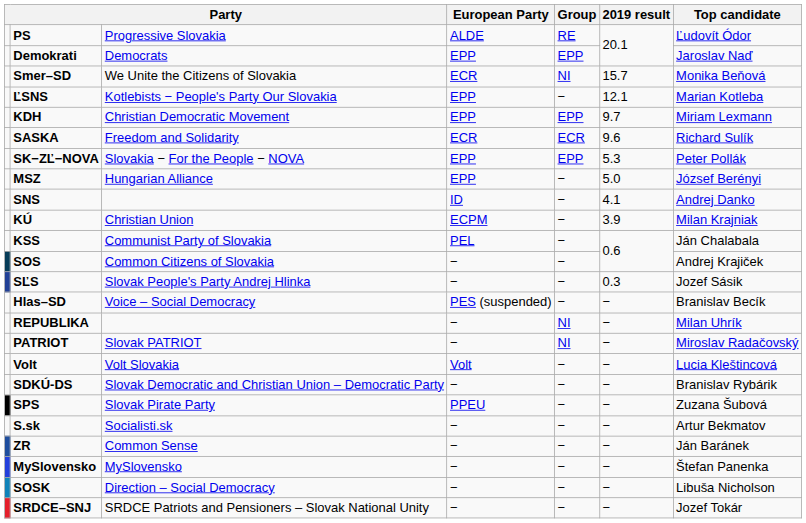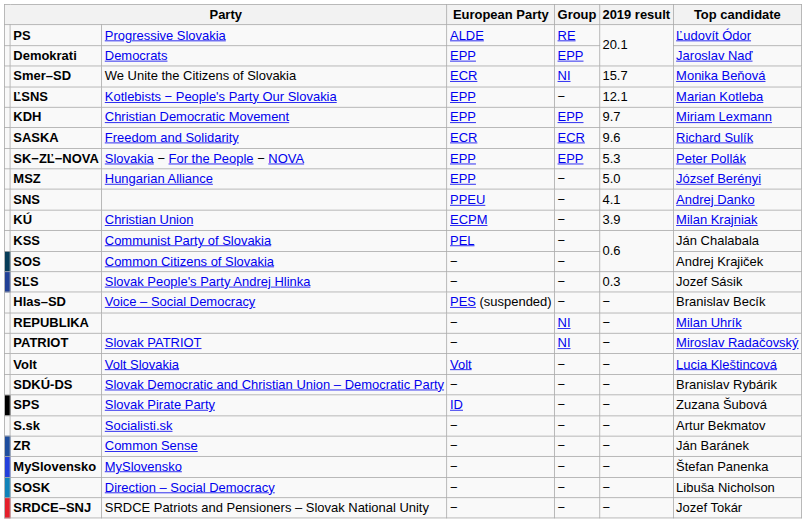 <table class="wikitable">
 <tr>
 <th colspan="3">Party</th>
 <th>European Party</th>
 <th>Group</th>
 <th>2019 result</th>
 <th>Top candidate</th>
 </tr>
 <tr>
 <td style="background:"></td>
 <td><strong>PS</strong></td>
 <td><a href='#'>Progressive Slovakia</a></td>
 <td><a href='#'>ALDE</a></td>
 <td><a href='#'>RE</a></td>
 <td rowspan="2">20.1</td>
 <td><a href='#'>Ľudovít Ódor</a></td>
 </tr>
 <tr>
 <td style="background:"></td>
 <td><strong>Demokrati</strong></td>
 <td><a href='#'>Democrats</a></td>
 <td><a href='#'>EPP</a></td>
 <td><a href='#'>EPP</a></td>
 <td><a href='#'>Jaroslav Naď</a></td>
 </tr>
 <tr>
 <td style="background:"></td>
 <td><strong>Smer–SD</strong></td>
 <td>We Unite the Citizens of Slovakia</td>
 <td><a href='#'>ECR</a></td>
 <td><a href='#'>NI</a></td>
 <td>15.7</td>
 <td><a href='#'>Monika Beňová</a></td>
 </tr>
 <tr>
 <td style="background:"></td>
 <td><strong>ĽSNS</strong></td>
 <td><a href='#'>Kotlebists − People's Party Our Slovakia</a></td>
 <td><a href='#'>EPP</a></td>
 <td>−</td>
 <td>12.1</td>
 <td><a href='#'>Marian Kotleba</a></td>
 </tr>
 <tr>
 <td style="background:"></td>
 <td><strong>KDH</strong></td>
 <td><a href='#'>Christian Democratic Movement</a></td>
 <td><a href='#'>EPP</a></td>
 <td><a href='#'>EPP</a></td>
 <td>9.7</td>
 <td><a href='#'>Miriam Lexmann</a></td>
 </tr>
 <tr>
 <td style="background:"></td>
 <td><strong>SASKA</strong></td>
 <td><a href='#'>Freedom and Solidarity</a></td>
 <td><a href='#'>ECR</a></td>
 <td><a href='#'>ECR</a></td>
 <td>9.6</td>
 <td><a href='#'>Richard Sulík</a></td>
 </tr>
 <tr>
 <td style="background:"></td>
 <td><strong>SK−ZĽ−NOVA</strong></td>
 <td><a href='#'>Slovakia</a> − <a href='#'>For the People</a> − <a href='#'>NOVA</a></td>
 <td><a href='#'>EPP</a></td>
 <td><a href='#'>EPP</a></td>
 <td>5.3</td>
 <td><a href='#'>Peter Pollák</a></td>
 </tr>
 <tr>
 <td style="background:"></td>
 <td><strong>MSZ</strong></td>
 <td><a href='#'>Hungarian Alliance</a></td>
 <td><a href='#'>EPP</a></td>
 <td>−</td>
 <td>5.0</td>
 <td><a href='#'>József Berényi</a></td>
 </tr>
 <tr>
 <td style="background:"></td>
 <td><strong>SNS</strong></td>
 <td></td>
-<td><a href='#'>ID</a></td>
+<td><a href='#'>PPEU</a></td>
 <td>−</td>
 <td>4.1</td>
 <td><a href='#'>Andrej Danko</a></td>
 </tr>
 <tr>
 <td style="background:"></td>
 <td><strong>KÚ</strong></td>
 <td><a href='#'>Christian Union</a></td>
 <td><a href='#'>ECPM</a></td>
 <td>−</td>
 <td>3.9</td>
 <td><a href='#'>Milan Krajniak</a></td>
 </tr>
 <tr>
 <td style="background:"></td>
 <td><strong>KSS</strong></td>
 <td><a href='#'>Communist Party of Slovakia</a></td>
 <td><a href='#'>PEL</a></td>
 <td>−</td>
 <td rowspan=2>0.6</td>
 <td>Ján Chalabala</td>
 </tr>
 <tr>
 <td style="background:#073d59;"></td>
 <td><strong>SOS</strong></td>
 <td><a href='#'>Common Citizens of Slovakia</a></td>
 <td>−</td>
 <td>−</td>
 <td>Andrej Krajiček</td>
 </tr>
 <tr>
 <td style="background:#214096;"></td>
 <td><strong>SĽS</strong></td>
 <td><a href='#'>Slovak People's Party Andrej Hlinka</a></td>
 <td>−</td>
 <td>−</td>
 <td>0.3</td>
 <td>Jozef Sásik</td>
 </tr>
 <tr>
 <td style="background:"></td>
 <td><strong>Hlas–SD</strong></td>
 <td><a href='#'>Voice – Social Democracy</a></td>
 <td><a href='#'>PES</a> (suspended)</td>
 <td>−</td>
 <td>−</td>
 <td>Branislav Becík</td>
 </tr>
 <tr>
 <td style="background:"></td>
 <td><strong>REPUBLIKA</strong></td>
 <td></td>
 <td>−</td>
 <td><a href='#'>NI</a></td>
 <td>−</td>
 <td><a href='#'>Milan Uhrík</a></td>
 </tr>
 <tr>
 <td style="background:"></td>
 <td><strong>PATRIOT</strong></td>
 <td><a href='#'>Slovak PATRIOT</a></td>
 <td>−</td>
 <td><a href='#'>NI</a></td>
 <td>−</td>
 <td><a href='#'>Miroslav Radačovský</a></td>
 </tr>
 <tr>
 <td style="background:"></td>
 <td><strong>Volt</strong></td>
 <td><a href='#'>Volt Slovakia</a></td>
 <td><a href='#'>Volt</a></td>
 <td>−</td>
 <td>−</td>
 <td><a href='#'>Lucia Kleštincová</a></td>
 </tr>
 <tr>
 <td style="background:"></td>
 <td><strong>SDKÚ-DS</strong></td>
 <td><a href='#'>Slovak Democratic and Christian Union – Democratic Party</a></td>
 <td>−</td>
 <td>−</td>
 <td>−</td>
 <td>Branislav Rybárik</td>
 </tr>
 <tr>
 <td style="background:#000000;"></td>
 <td><strong>SPS</strong></td>
 <td><a href='#'>Slovak Pirate Party</a></td>
-<td><a href='#'>PPEU</a></td>
+<td><a href='#'>ID</a></td>
 <td>−</td>
 <td>−</td>
 <td>Zuzana Šubová</td>
 </tr>
 <tr>
 <td style="background:"></td>
 <td><strong>S.sk</strong></td>
 <td><a href='#'>Socialisti.sk</a></td>
 <td>−</td>
 <td>−</td>
 <td>−</td>
 <td>Artur Bekmatov</td>
 </tr>
 <tr>
 <td style="background:#1f4e9e;"></td>
 <td><strong>ZR</strong></td>
 <td><a href='#'>Common Sense</a></td>
 <td>−</td>
 <td>−</td>
 <td>−</td>
 <td>Ján Baránek</td>
 </tr>
 <tr>
 <td style="background:#2340dc;"></td>
 <td><strong>MySlovensko</strong></td>
 <td><a href='#'>MySlovensko</a></td>
 <td>−</td>
 <td>−</td>
 <td>−</td>
 <td>Štefan Panenka</td>
 </tr>
 <tr>
 <td style="background:#1083ba;"></td>
 <td><strong>SOSK</strong></td>
 <td><a href='#'>Direction – Social Democracy</a></td>
 <td>−</td>
 <td>−</td>
 <td>−</td>
 <td>Libuša Nicholson</td>
 </tr>
 <tr>
 <td style="background:#e51f2b;"></td>
 <td><strong>SRDCE–SNJ</strong></td>
 <td>SRDCE Patriots and Pensioners – Slovak National Unity</td>
 <td>−</td>
 <td>−</td>
 <td>−</td>
 <td>Jozef Tokár</td>
 </tr>
 </table>
